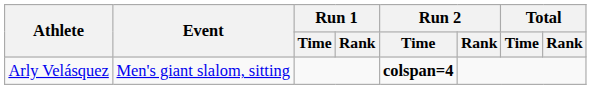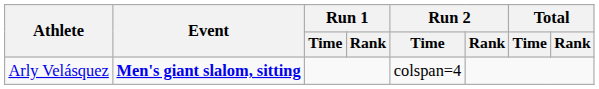 <table class=wikitable style=font-size:90%;text-align:center>
 <tr>
 <th rowspan=2>Athlete</th>
 <th rowspan=2>Event</th>
 <th colspan=2>Run 1</th>
 <th colspan=2>Run 2</th>
 <th colspan=2>Total</th>
 </tr>
 <tr style="font-size: 95%">
 <th>Time</th>
 <th>Rank</th>
 <th>Time</th>
 <th>Rank</th>
 <th>Time</th>
 <th>Rank</th>
 </tr>
 <tr>
 <td align=left><a href='#'>Arly Velásquez</a></td>
-<td align=left><a href='#'>Men's giant slalom, sitting</a></td>
+<td align=left><strong><a href='#'>Men's giant slalom, sitting</a></strong></td>
 <td colspan=2 align="center"></td>
-<td><strong>colspan=4 </strong></td>
+<td>colspan=4 </td>
 </tr>
 </table>
